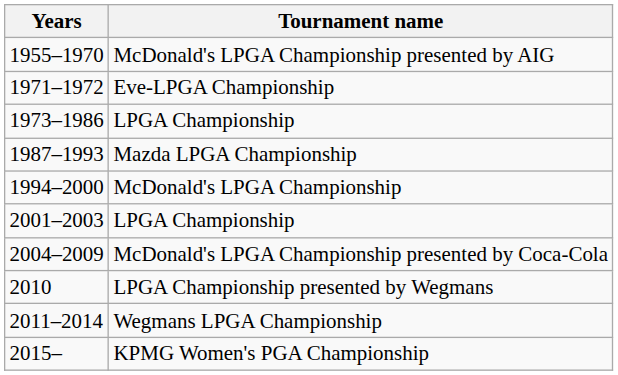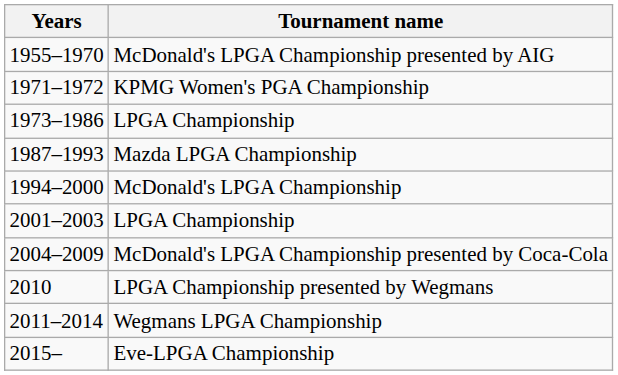 <table class=wikitable>
 <tr>
 <th>Years</th>
 <th>Tournament name</th>
 </tr>
 <tr>
 <td align=left>1955–1970</td>
 <td>McDonald's LPGA Championship presented by AIG</td>
 </tr>
 <tr>
 <td align=left>1971–1972</td>
-<td>Eve-LPGA Championship</td>
+<td>KPMG Women's PGA Championship</td>
 </tr>
 <tr>
 <td align=left>1973–1986</td>
 <td>LPGA Championship</td>
 </tr>
 <tr>
 <td align=left>1987–1993</td>
 <td>Mazda LPGA Championship</td>
 </tr>
 <tr>
 <td align=left>1994–2000</td>
 <td>McDonald's LPGA Championship</td>
 </tr>
 <tr>
 <td align=left>2001–2003</td>
 <td>LPGA Championship</td>
 </tr>
 <tr>
 <td align=left>2004–2009</td>
 <td>McDonald's LPGA Championship presented by Coca-Cola</td>
 </tr>
 <tr>
 <td align=left>2010</td>
 <td>LPGA Championship presented by Wegmans</td>
 </tr>
 <tr>
 <td align=left>2011–2014</td>
 <td>Wegmans LPGA Championship</td>
 </tr>
 <tr>
 <td align=left>2015–</td>
-<td>KPMG Women's PGA Championship</td>
+<td>Eve-LPGA Championship</td>
 </tr>
 </table>
